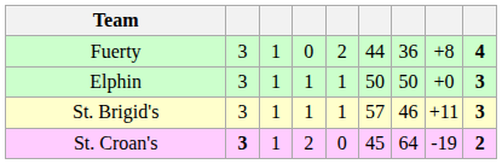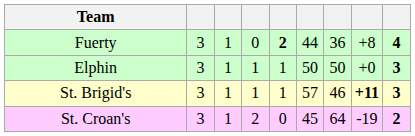 <table class="wikitable" style="text-align:center">
 <tr>
 <th style="width:175px;">Team</th>
 <th width="20"></th>
 <th width="20"></th>
 <th width="20"></th>
 <th width="20"></th>
 <th width="20"></th>
 <th width="20"></th>
 <th width="20"></th>
 <th width="20"></th>
 </tr>
 <tr style="background:#cfc;">
 <td>Fuerty</td>
 <td>3</td>
 <td>1</td>
 <td>0</td>
-<td>2</td>
+<td><strong>2</strong></td>
 <td>44</td>
 <td>36</td>
 <td>+8</td>
 <td><strong>4</strong></td>
 </tr>
 <tr style="background:#cfc;">
 <td>Elphin</td>
 <td>3</td>
 <td>1</td>
 <td>1</td>
 <td>1</td>
 <td>50</td>
 <td>50</td>
 <td>+0</td>
 <td><strong>3</strong></td>
 </tr>
 <tr style="background:#ffffcc;">
 <td>St. Brigid's</td>
 <td>3</td>
 <td>1</td>
 <td>1</td>
 <td>1</td>
 <td>57</td>
 <td>46</td>
-<td>+11</td>
+<td><strong>+11</strong></td>
 <td><strong>3</strong></td>
 </tr>
 <tr style="background:#fcf;">
 <td>St. Croan's</td>
-<td><strong>3</strong></td>
+<td>3</td>
 <td>1</td>
 <td>2</td>
 <td>0</td>
 <td>45</td>
 <td>64</td>
 <td>-19</td>
 <td><strong>2</strong></td>
 </tr>
 </table>
